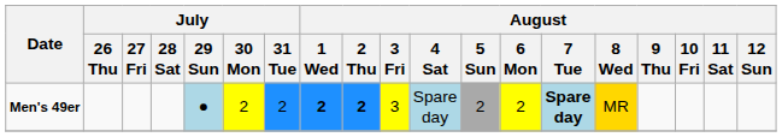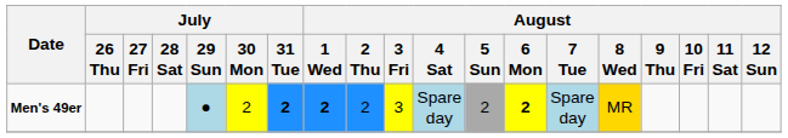 <table class="wikitable" style="margin:0.5em auto; font-size:90%; line-height:1.25em;">
 <tr>
 <th rowspan=2>Date</th>
 <th colspan=6>July</th>
 <th colspan=12>August</th>
 </tr>
 <tr>
 <th>26<br>Thu</th>
 <th>27<br>Fri</th>
 <th>28<br>Sat</th>
 <th>29<br>Sun</th>
 <th>30<br>Mon</th>
 <th>31<br>Tue</th>
 <th>1<br>Wed</th>
 <th>2<br>Thu</th>
 <th>3<br>Fri</th>
 <th>4<br>Sat</th>
 <th>5<br>Sun</th>
 <th>6<br>Mon</th>
 <th>7<br>Tue</th>
 <th>8<br>Wed</th>
 <th>9<br>Thu</th>
 <th>10<br>Fri</th>
 <th>11<br>Sat</th>
 <th>12<br>Sun</th>
 </tr>
 <tr align="center">
 <td align="right"><small><strong>Men's 49er</strong></small></td>
 <td></td>
 <td></td>
 <td></td>
 <td bgcolor=LightBlue><span> ● </span></td>
 <td bgcolor=Yellow><span> 2 </span></td>
-<td bgcolor=DodgerBlue><span> 2 </span></td>
 <td bgcolor=DodgerBlue><strong><span> 2 </span></strong></td>
 <td bgcolor=DodgerBlue><strong><span> 2 </span></strong></td>
+<td bgcolor=DodgerBlue><span> 2 </span></td>
 <td bgcolor=Yellow><span> 3 </span></td>
 <td bgcolor=LightBlue><span> Spare<br>day </span></td>
 <td bgcolor=DarkGrey><span> 2 </span></td>
-<td bgcolor=Yellow><span> 2 </span></td>
-<td bgcolor=LightBlue><strong><span> Spare<br>day </span></strong></td>
+<td bgcolor=Yellow><strong><span> 2 </span></strong></td>
+<td bgcolor=LightBlue><span> Spare<br>day </span></td>
 <td bgcolor=Gold><span> MR </span></td>
 <td></td>
 <td></td>
 <td></td>
 <td></td>
 </tr>
 <tr>
 </tr>
 </table>
